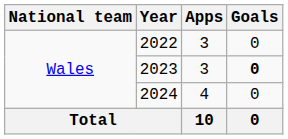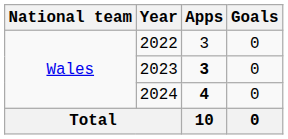 <table class=wikitable style=text-align:center>
 <tr>
 <th>National team</th>
 <th>Year</th>
 <th>Apps</th>
 <th>Goals</th>
 </tr>
 <tr>
 <td rowspan=3><a href='#'>Wales</a></td>
 <td>2022</td>
 <td>3</td>
 <td>0</td>
 </tr>
 <tr>
 <td>2023</td>
-<td>3</td>
-<td><strong>0</strong></td>
+<td><strong>3</strong></td>
+<td>0</td>
 </tr>
 <tr>
 <td>2024</td>
-<td>4</td>
+<td><strong>4</strong></td>
 <td>0</td>
 </tr>
 <tr>
 <th colspan=2>Total</th>
 <th>10</th>
 <th>0</th>
 </tr>
 </table>
